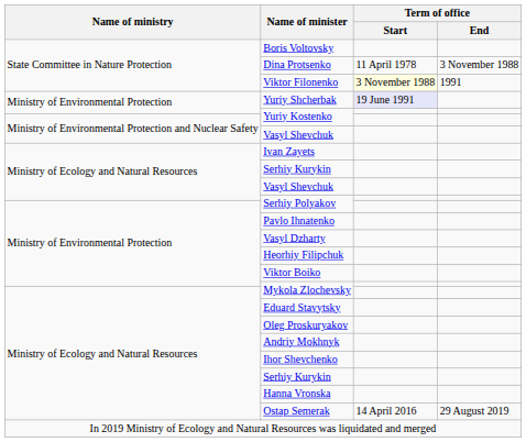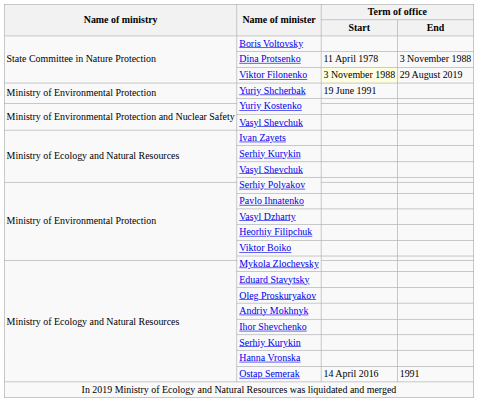 <table class="wikitable">
 <tr>
 <th rowspan="2">Name of ministry</th>
 <th rowspan="2">Name of minister</th>
 <th colspan="2">Term of office</th>
 </tr>
 <tr>
 <th>Start</th>
 <th>End</th>
 </tr>
 <tr>
 <td rowspan=3>State Committee in Nature Protection</td>
 <td><a href='#'>Boris Voltovsky</a></td>
 <td></td>
 <td></td>
 </tr>
 <tr>
 <td><a href='#'>Dina Protsenko</a></td>
 <td>11 April 1978</td>
 <td>3 November 1988</td>
 </tr>
 <tr>
 <td><a href='#'>Viktor Filonenko</a></td>
 <td style="background: lightyellow;">3 November 1988</td>
-<td>1991</td>
+<td>29 August 2019</td>
 </tr>
 <tr>
 <td rowspan=2>Ministry of Environmental Protection</td>
 <td><a href='#'>Yuriy Shcherbak</a></td>
-<td style="background: lavender;">19 June 1991</td>
+<td>19 June 1991</td>
 <td></td>
 </tr>
 <tr>
 <td rowspan=2><a href='#'>Yuriy Kostenko</a></td>
 <td></td>
 <td></td>
 </tr>
 <tr>
 <td rowspan=2>Ministry of Environmental Protection and Nuclear Safety</td>
 <td></td>
 <td></td>
 </tr>
 <tr>
 <td><a href='#'>Vasyl Shevchuk</a></td>
 <td></td>
 <td></td>
 </tr>
 <tr>
 <td rowspan=4>Ministry of Ecology and Natural Resources</td>
 <td><a href='#'>Ivan Zayets</a></td>
 <td></td>
 <td></td>
 </tr>
 <tr>
 <td><a href='#'>Serhiy Kurykin</a></td>
 <td></td>
 <td></td>
 </tr>
 <tr>
 <td><a href='#'>Vasyl Shevchuk</a></td>
 <td></td>
 <td></td>
 </tr>
 <tr>
 <td rowspan=2><a href='#'>Serhiy Polyakov</a></td>
 <td></td>
 <td></td>
 </tr>
 <tr>
 <td rowspan=6>Ministry of Environmental Protection</td>
 <td></td>
 <td></td>
 </tr>
 <tr>
 <td><a href='#'>Pavlo Ihnatenko</a></td>
 <td></td>
 <td></td>
 </tr>
 <tr>
 <td><a href='#'>Vasyl Dzharty</a></td>
 <td></td>
 <td></td>
 </tr>
 <tr>
 <td><a href='#'>Heorhiy Filipchuk</a></td>
 <td></td>
 <td></td>
 </tr>
 <tr>
 <td><a href='#'>Viktor Boiko</a></td>
 <td></td>
 <td></td>
 </tr>
 <tr>
 <td rowspan=2><a href='#'>Mykola Zlochevsky</a></td>
 <td></td>
 <td></td>
 </tr>
 <tr>
 <td rowspan=8>Ministry of Ecology and Natural Resources</td>
 <td></td>
 <td></td>
 </tr>
 <tr>
 <td><a href='#'>Eduard Stavytsky</a></td>
 <td></td>
 <td></td>
 </tr>
 <tr>
 <td><a href='#'>Oleg Proskuryakov</a></td>
 <td></td>
 <td></td>
 </tr>
 <tr>
 <td><a href='#'>Andriy Mokhnyk</a></td>
 <td></td>
 <td></td>
 </tr>
 <tr>
 <td><a href='#'>Ihor Shevchenko</a></td>
 <td></td>
 <td></td>
 </tr>
 <tr>
 <td><a href='#'>Serhiy Kurykin</a></td>
 <td></td>
 <td></td>
 </tr>
 <tr>
 <td><a href='#'>Hanna Vronska</a></td>
 <td></td>
 <td></td>
 </tr>
 <tr>
 <td><a href='#'>Ostap Semerak</a></td>
 <td>14 April 2016</td>
-<td>29 August 2019</td>
+<td>1991</td>
 </tr>
 <tr>
 <td align=center colspan=6>In 2019 Ministry of Ecology and Natural Resources was liquidated and merged</td>
 </tr>
 </table>
